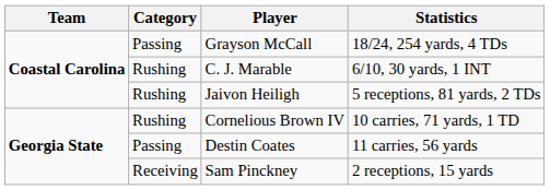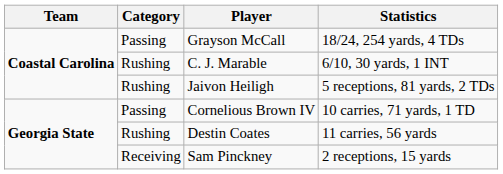 <table class="wikitable" style="float: left;">
 <tr>
 <th>Team</th>
 <th>Category</th>
 <th>Player</th>
 <th>Statistics</th>
 </tr>
 <tr>
 <td rowspan=3><strong>Coastal Carolina</strong></td>
 <td>Passing</td>
 <td>Grayson McCall</td>
 <td>18/24, 254 yards, 4 TDs</td>
 </tr>
 <tr>
 <td>Rushing</td>
 <td>C. J. Marable</td>
 <td>6/10, 30 yards, 1 INT</td>
 </tr>
 <tr>
 <td>Rushing</td>
 <td>Jaivon Heiligh</td>
 <td>5 receptions, 81 yards, 2 TDs</td>
 </tr>
 <tr>
 <td rowspan=3><strong>Georgia State</strong></td>
-<td>Rushing</td>
+<td>Passing</td>
 <td>Cornelious Brown IV</td>
 <td>10 carries, 71 yards, 1 TD</td>
 </tr>
 <tr>
-<td>Passing</td>
+<td>Rushing</td>
 <td>Destin Coates</td>
 <td>11 carries, 56 yards</td>
 </tr>
 <tr>
 <td>Receiving</td>
 <td>Sam Pinckney</td>
 <td>2 receptions, 15 yards</td>
 </tr>
 </table>
